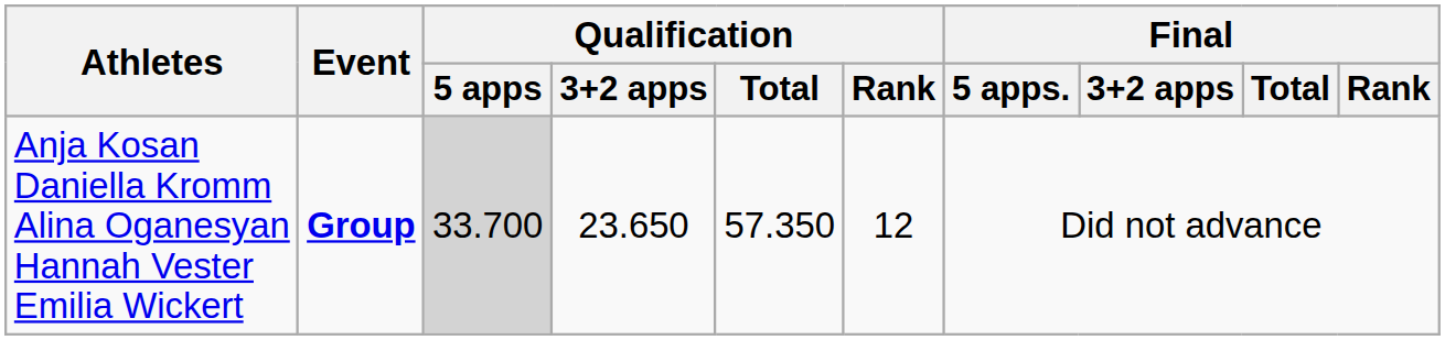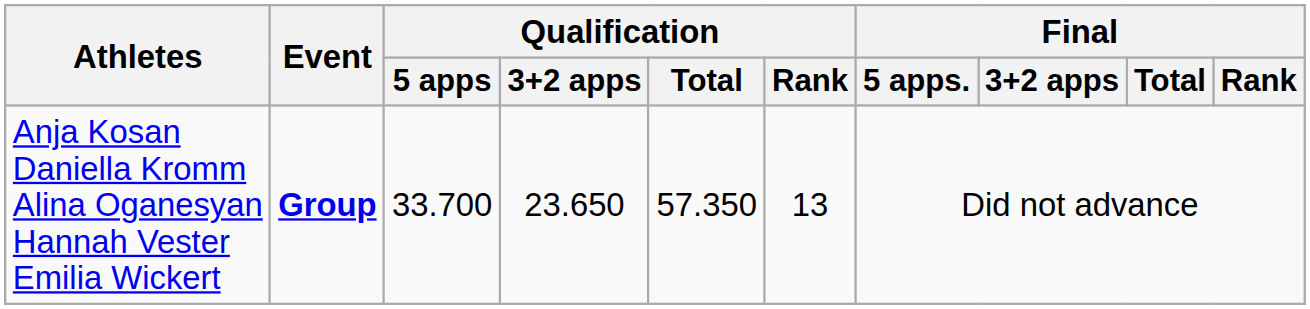 <table class="wikitable" style="text-align:center; font-size:90%">
 <tr>
 <th rowspan="2">Athletes</th>
 <th rowspan="2">Event</th>
 <th colspan="4">Qualification</th>
 <th colspan="4">Final</th>
 </tr>
 <tr style="font-size:95%">
 <th>5 apps</th>
 <th>3+2 apps</th>
 <th>Total</th>
 <th>Rank</th>
 <th>5 apps.</th>
 <th>3+2 apps</th>
 <th>Total</th>
 <th>Rank</th>
 </tr>
 <tr>
 <td align=left><a href='#'>Anja Kosan</a><br><a href='#'>Daniella Kromm</a><br><a href='#'>Alina Oganesyan</a><br><a href='#'>Hannah Vester</a><br><a href='#'>Emilia Wickert</a></td>
 <td align=left><strong><a href='#'>Group</a></strong></td>
-<td style="background: lightgrey;">33.700</td>
+<td>33.700</td>
 <td>23.650</td>
 <td>57.350</td>
-<td>12</td>
+<td>13</td>
 <td colspan="4">Did not advance</td>
 </tr>
 </table>
